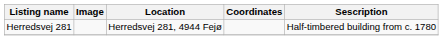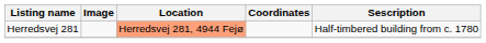 <table class="wikitable sortable">
 <tr>
 <th>Listing name</th>
 <th>Image</th>
 <th>Location</th>
 <th>Coordinates</th>
 <th>Sescription</th>
 </tr>
 <tr>
 <td>Herredsvej 281</td>
 <td></td>
-<td>Herredsvej 281, 4944 Fejø</td>
+<td style="background: lightsalmon;">Herredsvej 281, 4944 Fejø</td>
 <td></td>
 <td>Half-timbered building from c. 1780</td>
 </tr>
 <tr>
 </tr>
 </table>
